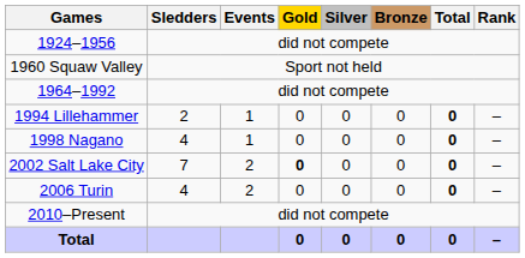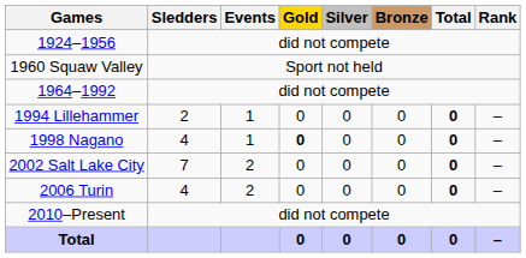 <table class="wikitable sortable collapsible collapsed">
 <tr>
 <th>Games</th>
 <th>Sledders</th>
 <th>Events</th>
 <th style="text-align:center; background-color:gold;">Gold</th>
 <th style="text-align:center; background-color:silver;">Silver</th>
 <th style="text-align:center; background-color:#c96;">Bronze</th>
 <th>Total</th>
 <th>Rank</th>
 </tr>
 <tr align=center>
 <td><a href='#'>1924</a>–<a href='#'>1956</a></td>
 <td colspan=7>did not compete</td>
 </tr>
 <tr align=center>
 <td>1960 Squaw Valley</td>
 <td colspan=7>Sport not held</td>
 </tr>
 <tr align=center>
 <td><a href='#'>1964</a>–<a href='#'>1992</a></td>
 <td colspan=7>did not compete</td>
 </tr>
 <tr align=center>
 <td><a href='#'>1994 Lillehammer</a></td>
 <td>2</td>
 <td>1</td>
 <td>0</td>
 <td>0</td>
 <td>0</td>
 <td><strong>0</strong></td>
 <td>–</td>
 </tr>
 <tr align=center>
 <td><a href='#'>1998 Nagano</a></td>
 <td>4</td>
 <td>1</td>
-<td>0</td>
+<td><strong>0</strong></td>
 <td>0</td>
 <td>0</td>
 <td><strong>0</strong></td>
 <td>–</td>
 </tr>
 <tr align=center>
 <td><a href='#'>2002 Salt Lake City</a></td>
 <td>7</td>
 <td>2</td>
-<td><strong>0</strong></td>
+<td>0</td>
 <td>0</td>
 <td>0</td>
 <td><strong>0</strong></td>
 <td>–</td>
 </tr>
 <tr align=center>
 <td><a href='#'>2006 Turin</a></td>
 <td>4</td>
 <td>2</td>
 <td>0</td>
 <td>0</td>
 <td>0</td>
 <td><strong>0</strong></td>
 <td>–</td>
 </tr>
 <tr align=center>
 <td><a href='#'>2010</a>–Present</td>
 <td colspan=7>did not compete</td>
 </tr>
 <tr style="text-align:center; background-color:#ccf;">
 <td><strong>Total</strong></td>
 <td></td>
 <td></td>
 <td><strong>0</strong></td>
 <td><strong>0</strong></td>
 <td><strong>0</strong></td>
 <td><strong>0</strong></td>
 <td><strong>–</strong></td>
 </tr>
 </table>
